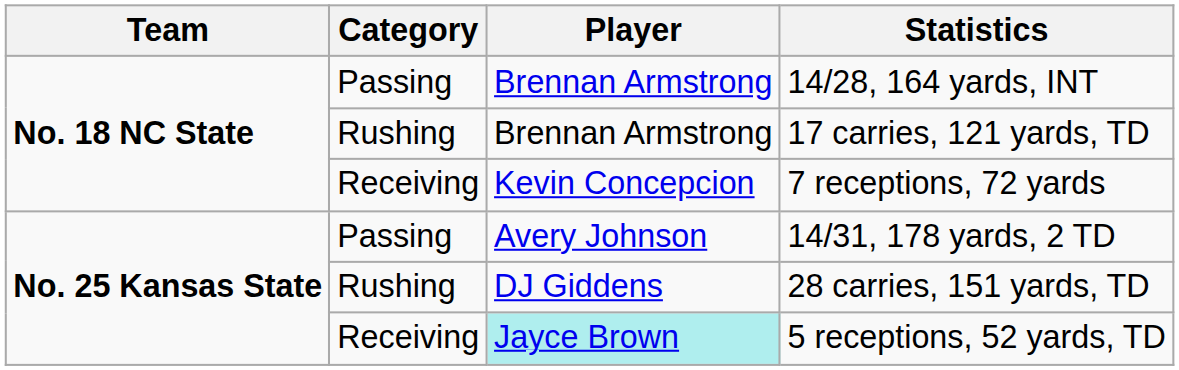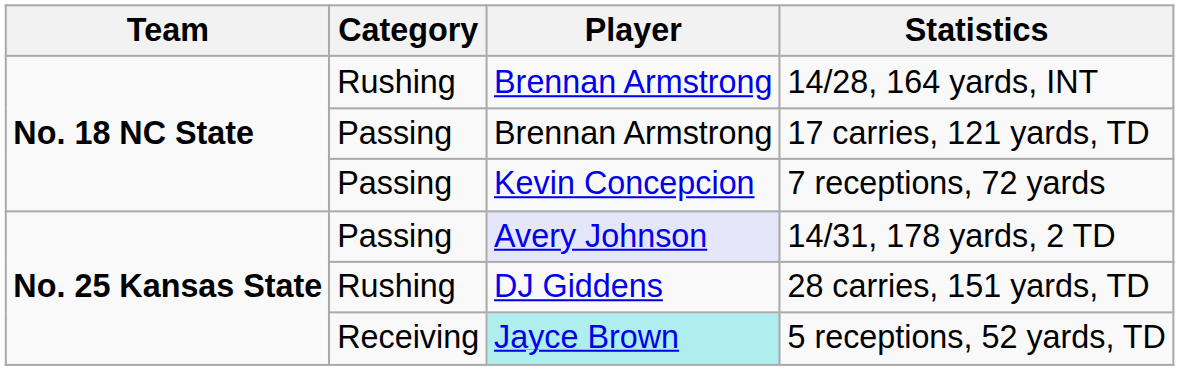 <table class="wikitable" style="float: right;">
 <tr>
 <th>Team</th>
 <th>Category</th>
 <th>Player</th>
 <th>Statistics</th>
 </tr>
 <tr>
 <td rowspan=3><strong>No. 18 NC State</strong></td>
-<td>Passing</td>
+<td>Rushing</td>
 <td><a href='#'>Brennan Armstrong</a></td>
 <td>14/28, 164 yards, INT</td>
 </tr>
 <tr>
-<td>Rushing</td>
+<td>Passing</td>
 <td>Brennan Armstrong</td>
 <td>17 carries, 121 yards, TD</td>
 </tr>
 <tr>
-<td>Receiving</td>
+<td>Passing</td>
 <td><a href='#'>Kevin Concepcion</a></td>
 <td>7 receptions, 72 yards</td>
 </tr>
 <tr>
 <td rowspan=3><strong>No. 25 Kansas State</strong></td>
 <td>Passing</td>
-<td><a href='#'>Avery Johnson</a></td>
+<td style="background: lavender;"><a href='#'>Avery Johnson</a></td>
 <td>14/31, 178 yards, 2 TD</td>
 </tr>
 <tr>
 <td>Rushing</td>
 <td><a href='#'>DJ Giddens</a></td>
 <td>28 carries, 151 yards, TD</td>
 </tr>
 <tr>
 <td>Receiving</td>
 <td style="background: paleturquoise;"><a href='#'>Jayce Brown</a></td>
 <td>5 receptions, 52 yards, TD</td>
 </tr>
 </table>
